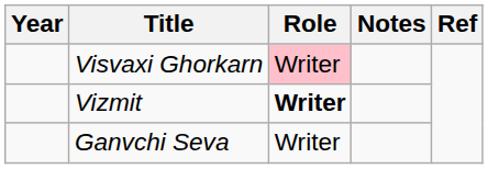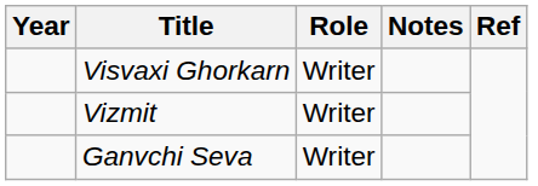 <table class="wikitable sortable">
 <tr>
 <th>Year</th>
 <th>Title</th>
 <th>Role</th>
 <th>Notes</th>
 <th>Ref</th>
 </tr>
 <tr>
 <td></td>
 <td><em>Visvaxi Ghorkarn</em></td>
-<td style="background: pink;">Writer</td>
+<td>Writer</td>
 <td></td>
 <td rowspan="3"></td>
 </tr>
 <tr>
 <td></td>
 <td><em>Vizmit</em></td>
-<td><strong>Writer</strong></td>
+<td>Writer</td>
 <td></td>
 </tr>
 <tr>
 <td></td>
 <td><em>Ganvchi Seva</em></td>
 <td>Writer</td>
 <td></td>
 </tr>
 </table>
